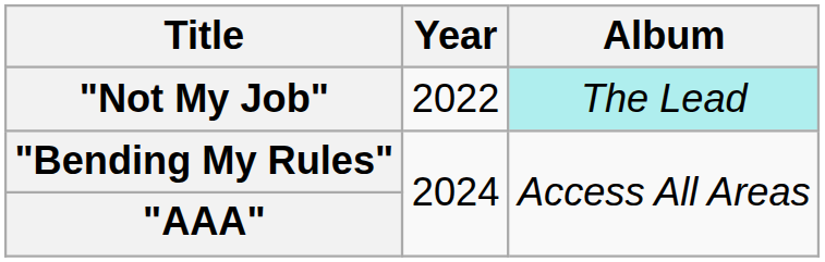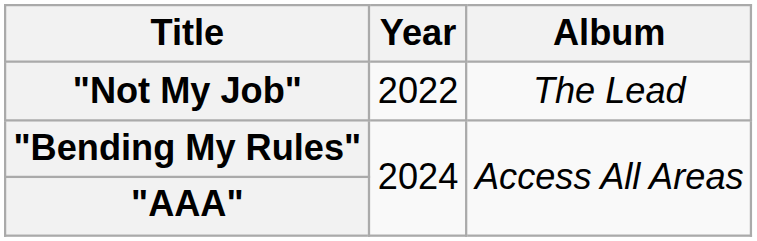 <table class="wikitable plainrowheaders" style="text-align:center;" border="2">
 <tr>
 <th scope="col">Title</th>
 <th scope="col">Year</th>
 <th scope="col">Album</th>
 </tr>
 <tr>
 <th scope="row">"Not My Job"</th>
 <td>2022</td>
-<td style="background: paleturquoise;"><em>The Lead</em></td>
+<td><em>The Lead</em></td>
 </tr>
 <tr>
 <th scope="row">"Bending My Rules"</th>
 <td rowspan="2">2024</td>
 <td rowspan="2"><em>Access All Areas</em></td>
 </tr>
 <tr>
 <th scope="row">"AAA"</th>
 </tr>
 </table>
